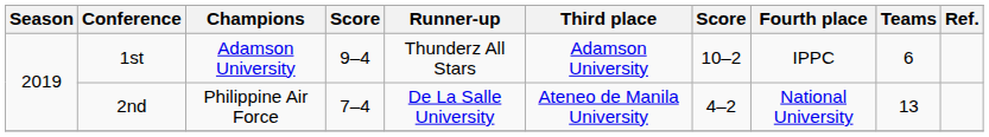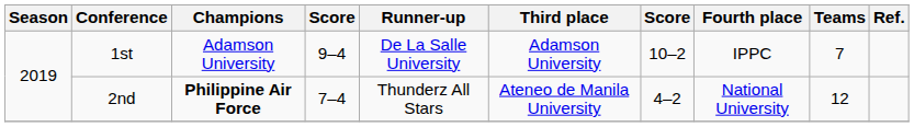 <table class="wikitable" style="text-align:center;">
 <tr>
 </tr>
 <tr style="background:silver;">
 <th>Season</th>
 <th>Conference</th>
 <th>Champions</th>
 <th>Score</th>
 <th>Runner-up</th>
 <th>Third place</th>
 <th>Score</th>
 <th>Fourth place</th>
 <th>Teams</th>
 <th>Ref.</th>
 </tr>
 <tr>
 <td rowspan=2>2019</td>
 <td>1st</td>
 <td><a href='#'>Adamson University</a></td>
 <td>9–4</td>
-<td>Thunderz All Stars</td>
+<td><a href='#'>De La Salle University</a></td>
 <td><a href='#'>Adamson University</a></td>
 <td>10–2</td>
 <td>IPPC</td>
-<td>6</td>
+<td>7</td>
 <td></td>
 </tr>
 <tr>
 <td>2nd</td>
-<td>Philippine Air Force</td>
+<td><strong>Philippine Air Force</strong></td>
 <td>7–4</td>
-<td><a href='#'>De La Salle University</a></td>
+<td>Thunderz All Stars</td>
 <td><a href='#'>Ateneo de Manila University</a></td>
 <td>4–2</td>
 <td><a href='#'>National University</a></td>
-<td>13</td>
+<td>12</td>
 <td></td>
 </tr>
 <tr \>
 </tr>
 </table>
